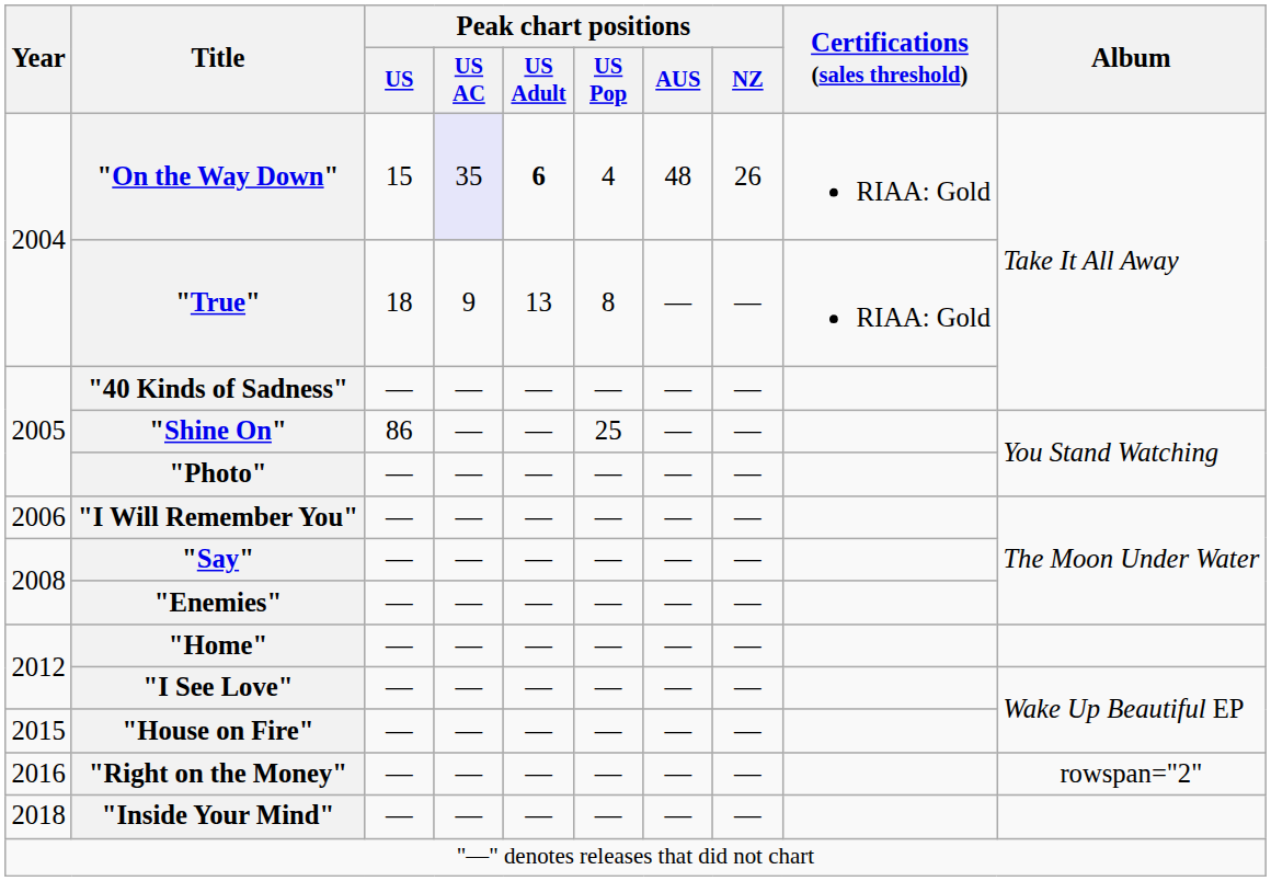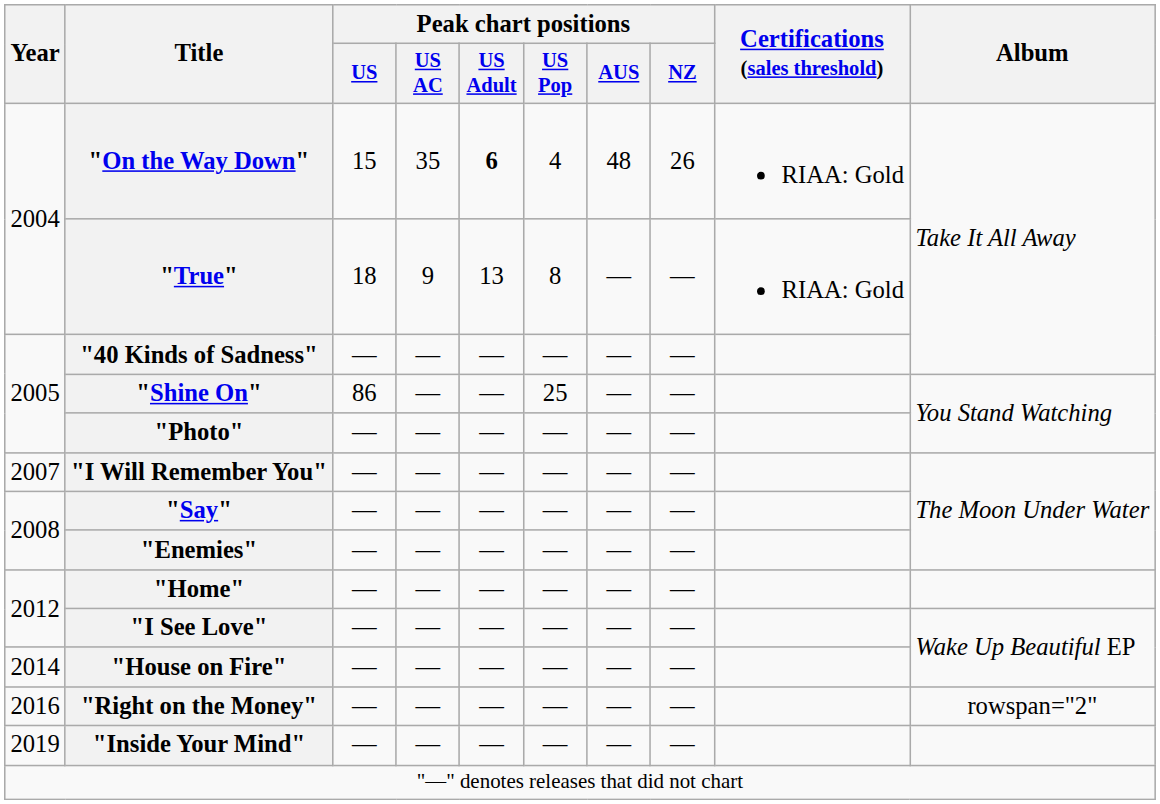 <table class="wikitable plainrowheaders" style="text-align:center;">
 <tr>
 <th scope="col" rowspan="2">Year</th>
 <th scope="col" rowspan="2">Title</th>
 <th scope="col" colspan="6">Peak chart positions</th>
 <th scope="col" rowspan="2"><a href='#'>Certifications</a><br><small>(<a href='#'>sales threshold</a>)</small></th>
 <th scope="col" rowspan="2">Album</th>
 </tr>
 <tr style="font-size:smaller;">
 <th style="width:35px;"><a href='#'>US</a><br></th>
 <th style="width:35px;"><a href='#'>US AC</a><br></th>
 <th style="width:35px;"><a href='#'>US Adult</a><br></th>
 <th style="width:35px;"><a href='#'>US Pop</a><br></th>
 <th style="width:35px;"><a href='#'>AUS</a><br></th>
 <th style="width:35px;"><a href='#'>NZ</a><br></th>
 </tr>
 <tr>
 <td rowspan="2">2004</td>
 <th scope="row">"<a href='#'>On the Way Down</a>"</th>
 <td>15</td>
-<td style="background: lavender;">35</td>
+<td>35</td>
 <td><strong>6</strong></td>
 <td>4</td>
 <td>48</td>
 <td>26</td>
 <td style="text-align:left;"><br><ul><li>RIAA: Gold</li></ul></td>
 <td style="text-align:left;" rowspan="3"><em>Take It All Away</em></td>
 </tr>
 <tr>
 <th scope="row">"<a href='#'>True</a>"</th>
 <td>18</td>
 <td>9</td>
 <td>13</td>
 <td>8</td>
 <td>—</td>
 <td>—</td>
 <td style="text-align:left;"><br><ul><li>RIAA: Gold</li></ul></td>
 </tr>
 <tr>
 <td rowspan="3">2005</td>
 <th scope="row">"40 Kinds of Sadness"</th>
 <td>—</td>
 <td>—</td>
 <td>—</td>
 <td>—</td>
 <td>—</td>
 <td>—</td>
 <td></td>
 </tr>
 <tr>
 <th scope="row">"<a href='#'>Shine On</a>"</th>
 <td>86</td>
 <td>—</td>
 <td>—</td>
 <td>25</td>
 <td>—</td>
 <td>—</td>
 <td></td>
 <td style="text-align:left;" rowspan="2"><em>You Stand Watching</em></td>
 </tr>
 <tr>
 <th scope="row">"Photo"</th>
 <td>—</td>
 <td>—</td>
 <td>—</td>
 <td>—</td>
 <td>—</td>
 <td>—</td>
 <td></td>
 </tr>
 <tr>
-<td>2006</td>
+<td>2007</td>
 <th scope="row">"I Will Remember You"</th>
 <td>—</td>
 <td>—</td>
 <td>—</td>
 <td>—</td>
 <td>—</td>
 <td>—</td>
 <td></td>
 <td style="text-align:left;" rowspan="3"><em>The Moon Under Water</em></td>
 </tr>
 <tr>
 <td rowspan="2">2008</td>
 <th scope="row">"<a href='#'>Say</a>"</th>
 <td>—</td>
 <td>—</td>
 <td>—</td>
 <td>—</td>
 <td>—</td>
 <td>—</td>
 <td></td>
 </tr>
 <tr>
 <th scope="row">"Enemies"</th>
 <td>—</td>
 <td>—</td>
 <td>—</td>
 <td>—</td>
 <td>—</td>
 <td>—</td>
 <td></td>
 </tr>
 <tr>
 <td rowspan="2">2012</td>
 <th scope="row">"Home"</th>
 <td>—</td>
 <td>—</td>
 <td>—</td>
 <td>—</td>
 <td>—</td>
 <td>—</td>
 <td></td>
 <td></td>
 </tr>
 <tr>
 <th scope="row">"I See Love"</th>
 <td>—</td>
 <td>—</td>
 <td>—</td>
 <td>—</td>
 <td>—</td>
 <td>—</td>
 <td></td>
 <td style="text-align:left;" rowspan="2"><em>Wake Up Beautiful</em> EP</td>
 </tr>
 <tr>
-<td>2015</td>
+<td>2014</td>
 <th scope="row">"House on Fire"</th>
 <td>—</td>
 <td>—</td>
 <td>—</td>
 <td>—</td>
 <td>—</td>
 <td>—</td>
 <td></td>
 </tr>
 <tr>
 <td>2016</td>
 <th scope="row">"Right on the Money"</th>
 <td>—</td>
 <td>—</td>
 <td>—</td>
 <td>—</td>
 <td>—</td>
 <td>—</td>
 <td></td>
 <td>rowspan="2" </td>
 </tr>
 <tr>
-<td>2018</td>
+<td>2019</td>
 <th scope="row">"Inside Your Mind"</th>
 <td>—</td>
 <td>—</td>
 <td>—</td>
 <td>—</td>
 <td>—</td>
 <td>—</td>
 <td></td>
 </tr>
 <tr>
 <td colspan="15" style="font-size:85%">"—" denotes releases that did not chart</td>
 </tr>
 </table>
